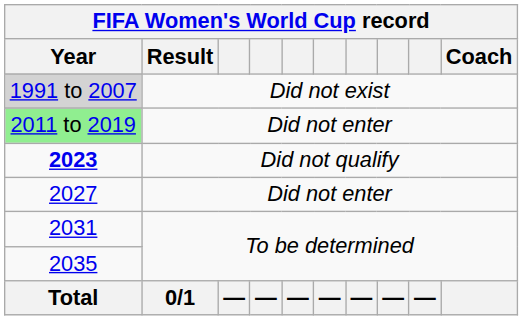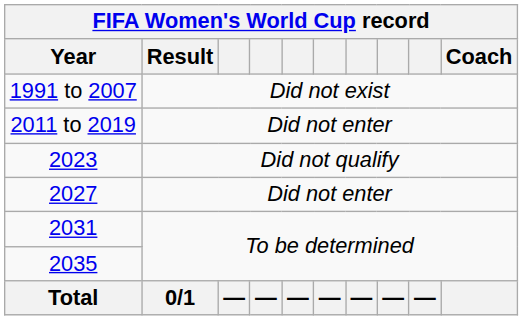 <table class="wikitable"  style="text-align:center;">
 <tr>
 <th colspan=10><a href='#'>FIFA Women's World Cup</a> record</th>
 </tr>
 <tr>
 <th>Year</th>
 <th>Result</th>
 <th></th>
 <th></th>
 <th></th>
 <th></th>
 <th></th>
 <th></th>
 <th></th>
 <th>Coach</th>
 </tr>
 <tr>
-<td style="background: lightgrey;"> <a href='#'>1991</a> to  <a href='#'>2007</a></td>
+<td> <a href='#'>1991</a> to  <a href='#'>2007</a></td>
 <td colspan=9><em>Did not exist</em></td>
 </tr>
 <tr>
-<td style="background: lightgreen;"> <a href='#'>2011</a> to  <a href='#'>2019</a></td>
+<td> <a href='#'>2011</a> to  <a href='#'>2019</a></td>
 <td colspan=9><em>Did not enter</em></td>
 </tr>
 <tr>
-<td><strong> <a href='#'>2023</a></strong></td>
+<td> <a href='#'>2023</a></td>
 <td colspan=9><em>Did not qualify</em></td>
 </tr>
 <tr>
 <td> <a href='#'>2027</a></td>
 <td colspan=9><em>Did not enter</em></td>
 </tr>
 <tr>
 <td> <a href='#'>2031</a></td>
 <td colspan=9 rowspan=2><em>To be determined</em></td>
 </tr>
 <tr>
 <td> <a href='#'>2035</a></td>
 </tr>
 <tr>
 <th>Total</th>
 <th>0/1</th>
 <th>—</th>
 <th>—</th>
 <th>—</th>
 <th>—</th>
 <th>—</th>
 <th>—</th>
 <th>—</th>
 <th></th>
 </tr>
 </table>
